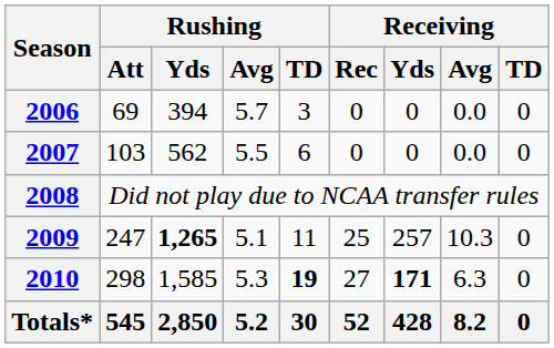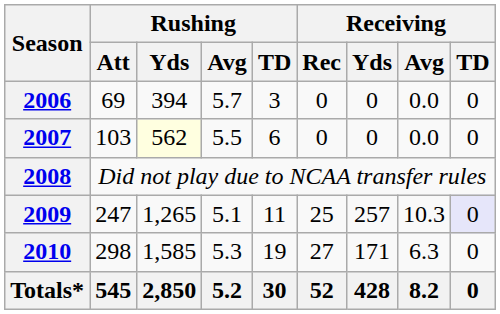 <table class="wikitable" style="text-align:center;">
 <tr>
 <th rowspan="2">Season</th>
 <th colspan="4">Rushing</th>
 <th colspan="4">Receiving</th>
 </tr>
 <tr>
 <th>Att</th>
 <th>Yds</th>
 <th>Avg</th>
 <th>TD</th>
 <th>Rec</th>
 <th>Yds</th>
 <th>Avg</th>
 <th>TD</th>
 </tr>
 <tr>
 <th><a href='#'>2006</a></th>
 <td>69</td>
 <td>394</td>
 <td>5.7</td>
 <td>3</td>
 <td>0</td>
 <td>0</td>
 <td>0.0</td>
 <td>0</td>
 </tr>
 <tr>
 <th><a href='#'>2007</a></th>
 <td>103</td>
-<td>562</td>
+<td style="background: lightyellow;">562</td>
 <td>5.5</td>
 <td>6</td>
 <td>0</td>
 <td>0</td>
 <td>0.0</td>
 <td>0</td>
 </tr>
 <tr>
 <th><a href='#'>2008</a></th>
 <td colspan="8"><em>Did not play due to NCAA transfer rules</em></td>
 </tr>
 <tr>
 <th><a href='#'>2009</a></th>
 <td>247</td>
-<td><strong>1,265</strong></td>
+<td>1,265</td>
 <td>5.1</td>
 <td>11</td>
 <td>25</td>
 <td>257</td>
 <td>10.3</td>
-<td>0</td>
+<td style="background: lavender;">0</td>
 </tr>
 <tr>
 <th><a href='#'>2010</a></th>
 <td>298</td>
 <td>1,585</td>
 <td>5.3</td>
-<td><strong>19</strong></td>
+<td>19</td>
 <td>27</td>
-<td><strong>171</strong></td>
+<td>171</td>
 <td>6.3</td>
 <td>0</td>
 </tr>
 <tr>
 <th>Totals*</th>
 <th>545</th>
 <th>2,850</th>
 <th>5.2</th>
 <th>30</th>
 <th>52</th>
 <th>428</th>
 <th>8.2</th>
 <th>0</th>
 </tr>
 </table>
